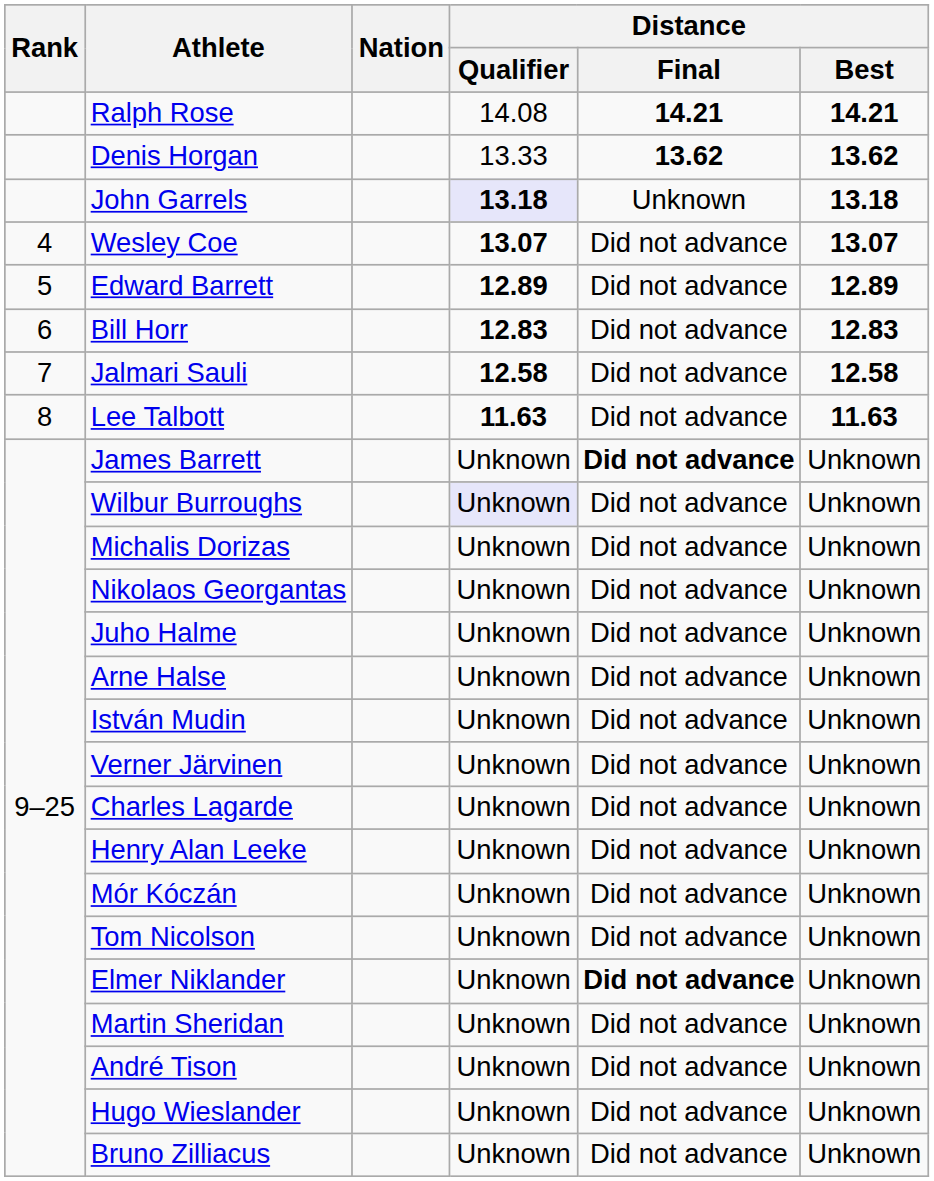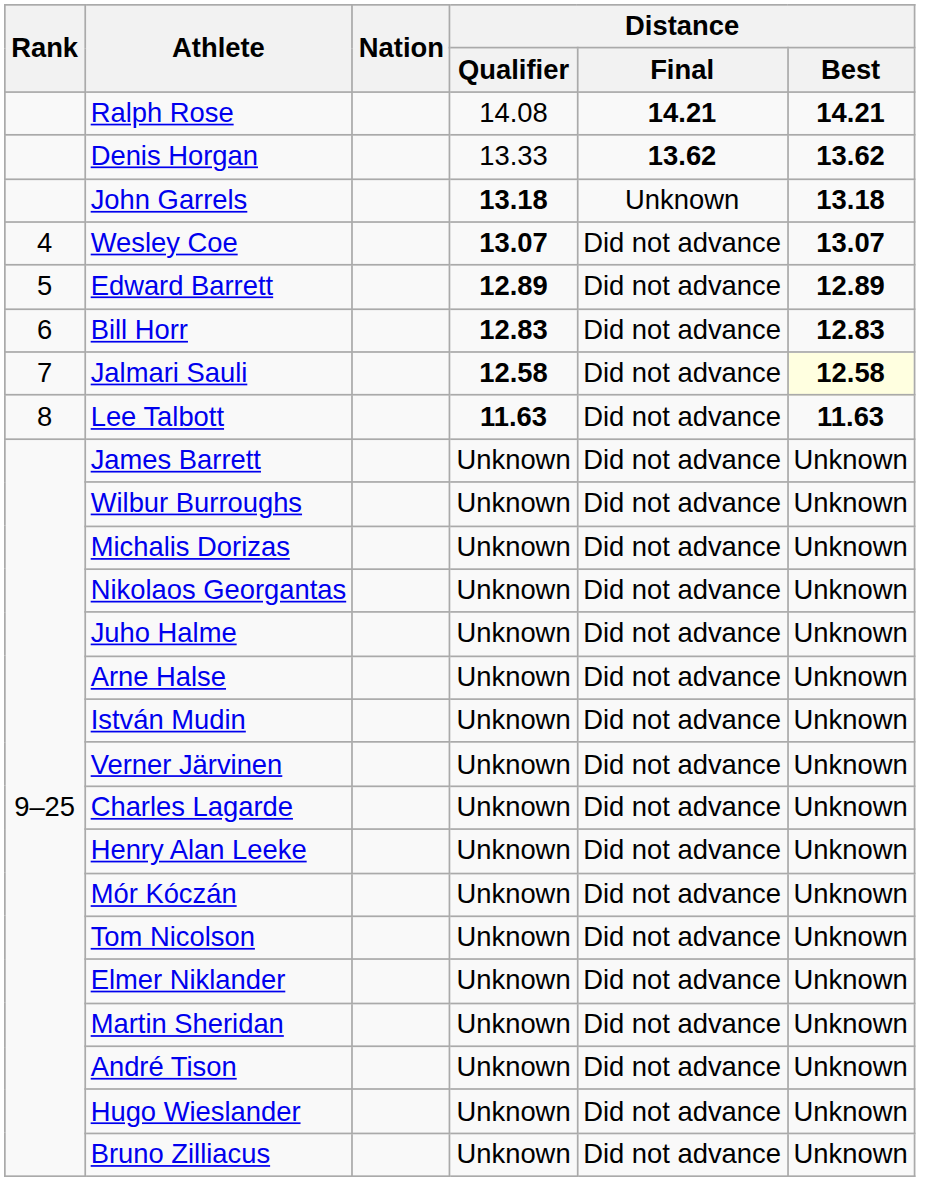 <table class="wikitable sortable" style="text-align:center">
 <tr>
 <th rowspan=2>Rank</th>
 <th rowspan=2>Athlete</th>
 <th rowspan=2>Nation</th>
 <th colspan=3>Distance</th>
 </tr>
 <tr>
 <th>Qualifier</th>
 <th>Final</th>
 <th>Best</th>
 </tr>
 <tr>
 <td></td>
 <td align=left><a href='#'>Ralph Rose</a></td>
 <td align=left></td>
 <td>14.08</td>
 <td><strong>14.21</strong></td>
 <td><strong>14.21</strong></td>
 </tr>
 <tr>
 <td></td>
 <td align=left><a href='#'>Denis Horgan</a></td>
 <td align=left></td>
 <td>13.33</td>
 <td><strong>13.62</strong></td>
 <td><strong>13.62</strong></td>
 </tr>
 <tr>
 <td></td>
 <td align=left><a href='#'>John Garrels</a></td>
 <td align=left></td>
-<td style="background: lavender;"><strong>13.18</strong></td>
+<td><strong>13.18</strong></td>
 <td>Unknown</td>
 <td><strong>13.18</strong></td>
 </tr>
 <tr>
 <td>4</td>
 <td align=left><a href='#'>Wesley Coe</a></td>
 <td align=left></td>
 <td><strong>13.07</strong></td>
 <td>Did not advance</td>
 <td><strong>13.07</strong></td>
 </tr>
 <tr>
 <td>5</td>
 <td align=left><a href='#'>Edward Barrett</a></td>
 <td align=left></td>
 <td><strong>12.89</strong></td>
 <td>Did not advance</td>
 <td><strong>12.89</strong></td>
 </tr>
 <tr>
 <td>6</td>
 <td align=left><a href='#'>Bill Horr</a></td>
 <td align=left></td>
 <td><strong>12.83</strong></td>
 <td>Did not advance</td>
 <td><strong>12.83</strong></td>
 </tr>
 <tr>
 <td>7</td>
 <td align=left><a href='#'>Jalmari Sauli</a></td>
 <td align=left></td>
 <td><strong>12.58</strong></td>
 <td>Did not advance</td>
-<td><strong>12.58</strong></td>
+<td style="background: lightyellow;"><strong>12.58</strong></td>
 </tr>
 <tr>
 <td>8</td>
 <td align=left><a href='#'>Lee Talbott</a></td>
 <td align=left></td>
 <td><strong>11.63</strong></td>
 <td>Did not advance</td>
 <td><strong>11.63</strong></td>
 </tr>
 <tr>
 <td align=center rowspan=17>9–25</td>
 <td align=left><a href='#'>James Barrett</a></td>
 <td align=left></td>
 <td>Unknown</td>
-<td><strong>Did not advance</strong></td>
+<td>Did not advance</td>
 <td>Unknown</td>
 </tr>
 <tr>
 <td align=left><a href='#'>Wilbur Burroughs</a></td>
 <td align=left></td>
-<td style="background: lavender;">Unknown</td>
+<td>Unknown</td>
 <td>Did not advance</td>
 <td>Unknown</td>
 </tr>
 <tr>
 <td align=left><a href='#'>Michalis Dorizas</a></td>
 <td align=left></td>
 <td>Unknown</td>
 <td>Did not advance</td>
 <td>Unknown</td>
 </tr>
 <tr>
 <td align=left><a href='#'>Nikolaos Georgantas</a></td>
 <td align=left></td>
 <td>Unknown</td>
 <td>Did not advance</td>
 <td>Unknown</td>
 </tr>
 <tr>
 <td align=left><a href='#'>Juho Halme</a></td>
 <td align=left></td>
 <td>Unknown</td>
 <td>Did not advance</td>
 <td>Unknown</td>
 </tr>
 <tr>
 <td align=left><a href='#'>Arne Halse</a></td>
 <td align=left></td>
 <td>Unknown</td>
 <td>Did not advance</td>
 <td>Unknown</td>
 </tr>
 <tr>
 <td align=left><a href='#'>István Mudin</a></td>
 <td align=left></td>
 <td>Unknown</td>
 <td>Did not advance</td>
 <td>Unknown</td>
 </tr>
 <tr>
 <td align=left><a href='#'>Verner Järvinen</a></td>
 <td align=left></td>
 <td>Unknown</td>
 <td>Did not advance</td>
 <td>Unknown</td>
 </tr>
 <tr>
 <td align=left><a href='#'>Charles Lagarde</a></td>
 <td align=left></td>
 <td>Unknown</td>
 <td>Did not advance</td>
 <td>Unknown</td>
 </tr>
 <tr>
 <td align=left><a href='#'>Henry Alan Leeke</a></td>
 <td align=left></td>
 <td>Unknown</td>
 <td>Did not advance</td>
 <td>Unknown</td>
 </tr>
 <tr>
 <td align=left><a href='#'>Mór Kóczán</a></td>
 <td align=left></td>
 <td>Unknown</td>
 <td>Did not advance</td>
 <td>Unknown</td>
 </tr>
 <tr>
 <td align=left><a href='#'>Tom Nicolson</a></td>
 <td align=left></td>
 <td>Unknown</td>
 <td>Did not advance</td>
 <td>Unknown</td>
 </tr>
 <tr>
 <td align=left><a href='#'>Elmer Niklander</a></td>
 <td align=left></td>
 <td>Unknown</td>
-<td><strong>Did not advance</strong></td>
+<td>Did not advance</td>
 <td>Unknown</td>
 </tr>
 <tr>
 <td align=left><a href='#'>Martin Sheridan</a></td>
 <td align=left></td>
 <td>Unknown</td>
 <td>Did not advance</td>
 <td>Unknown</td>
 </tr>
 <tr>
 <td align=left><a href='#'>André Tison</a></td>
 <td align=left></td>
 <td>Unknown</td>
 <td>Did not advance</td>
 <td>Unknown</td>
 </tr>
 <tr>
 <td align=left><a href='#'>Hugo Wieslander</a></td>
 <td align=left></td>
 <td>Unknown</td>
 <td>Did not advance</td>
 <td>Unknown</td>
 </tr>
 <tr>
 <td align=left><a href='#'>Bruno Zilliacus</a></td>
 <td align=left></td>
 <td>Unknown</td>
 <td>Did not advance</td>
 <td>Unknown</td>
 </tr>
 </table>
